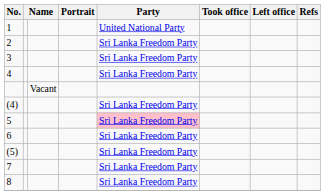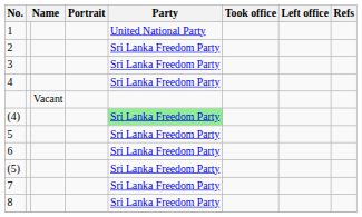 <table class="wikitable plainrowheaders sortable" style="font-size:100%; text-align:left;">
 <tr>
 <th>No.</th>
 <th colspan="2">Name</th>
 <th class=unsortable>Portrait</th>
 <th>Party</th>
 <th>Took office</th>
 <th>Left office</th>
 <th class=unsortable>Refs</th>
 </tr>
 <tr>
 <td>1</td>
 <td !align="center" style="background:"></td>
 <td></td>
 <td></td>
 <td><a href='#'>United National Party</a></td>
 <td align=center></td>
 <td align=center></td>
 <td align=center></td>
 </tr>
 <tr>
 <td>2</td>
 <td !align="center" style="background:"></td>
 <td></td>
 <td></td>
 <td><a href='#'>Sri Lanka Freedom Party</a></td>
 <td align=center></td>
 <td align=center></td>
 <td align=center></td>
 </tr>
 <tr>
 <td>3</td>
 <td !align="center" style="background:"></td>
 <td></td>
 <td></td>
 <td><a href='#'>Sri Lanka Freedom Party</a></td>
 <td align=center></td>
 <td align=center></td>
 <td align=center></td>
 </tr>
 <tr>
 <td>4</td>
 <td !align="center" style="background:"></td>
 <td></td>
 <td></td>
 <td><a href='#'>Sri Lanka Freedom Party</a></td>
 <td align=center></td>
 <td align=center></td>
 <td align=center></td>
 </tr>
 <tr>
 <td></td>
 <td></td>
 <td>Vacant</td>
 <td></td>
 <td></td>
 <td align=center></td>
 <td align=center></td>
 <td align=center></td>
 </tr>
 <tr>
 <td>(4)</td>
 <td !align="center" style="background:"></td>
 <td></td>
 <td></td>
-<td><a href='#'>Sri Lanka Freedom Party</a></td>
+<td style="background: lightgreen;"><a href='#'>Sri Lanka Freedom Party</a></td>
 <td align=center></td>
 <td align=center></td>
 <td align=center></td>
 </tr>
 <tr>
 <td>5</td>
 <td !align="center" style="background:"></td>
 <td></td>
 <td></td>
-<td style="background: pink;"><a href='#'>Sri Lanka Freedom Party</a></td>
+<td><a href='#'>Sri Lanka Freedom Party</a></td>
 <td align=center></td>
 <td align=center></td>
 <td align=center></td>
 </tr>
 <tr>
 <td>6</td>
 <td !align="center" style="background:"></td>
 <td></td>
 <td></td>
 <td><a href='#'>Sri Lanka Freedom Party</a></td>
 <td align=center></td>
 <td align=center></td>
 <td align=center></td>
 </tr>
 <tr>
 <td>(5)</td>
 <td !align="center" style="background:"></td>
 <td></td>
 <td></td>
 <td><a href='#'>Sri Lanka Freedom Party</a></td>
 <td align=center></td>
 <td align=center></td>
 <td align=center></td>
 </tr>
 <tr>
 <td>7</td>
 <td !align="center" style="background:"></td>
 <td></td>
 <td></td>
 <td><a href='#'>Sri Lanka Freedom Party</a></td>
 <td align=center></td>
 <td align=center></td>
 <td align=center></td>
 </tr>
 <tr>
 <td>8</td>
 <td !align="center" style="background:"></td>
 <td></td>
 <td></td>
 <td><a href='#'>Sri Lanka Freedom Party</a></td>
 <td align=center></td>
 <td align=center></td>
 <td align=center></td>
 </tr>
 <tr>
 </tr>
 </table>
